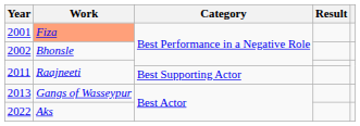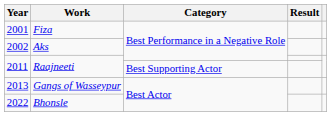 <table class="wikitable sortable"⁣>
 <tr ⁣>
 <th>Year⁣</th>
 <th>Work⁣</th>
 <th>Category⁣</th>
 <th>Result⁣</th>
 <th class="unsortable">⁣</th>
 </tr>
 <tr>
 <td><a href='#'>2001⁣</a></td>
-<td style="background: lightsalmon;"><em><a href='#'>Fiza</a></em>⁣</td>
+<td><em><a href='#'>Fiza</a></em>⁣</td>
 <td rowspan="3"><a href='#'>Best Performance in a Negative Role</a></td>
 <td>⁣</td>
 <td>⁣ </td>
 </tr>
 <tr>
 <td><a href='#'>2002⁣</a></td>
-<td><em><a href='#'>Bhonsle</a></em></td>
+<td><em><a href='#'>Aks</a></em></td>
 <td></td>
 <td></td>
 </tr>
 <tr>
 <td rowspan="2"><a href='#'>2011⁣</a></td>
 <td rowspan="2"><em><a href='#'>Raajneeti</a></em></td>
 <td></td>
 <td rowspan="2"></td>
 </tr>
 <tr>
 <td><a href='#'>Best Supporting Actor</a></td>
 <td></td>
 </tr>
 <tr>
 <td><a href='#'>2013⁣</a></td>
 <td><em><a href='#'>Gangs of Wasseypur</a></em></td>
 <td rowspan="2"><a href='#'>Best Actor</a></td>
 <td></td>
 <td></td>
 </tr>
 <tr>
 <td><a href='#'>2022</a></td>
-<td><em><a href='#'>Aks</a></em></td>
+<td><em><a href='#'>Bhonsle</a></em></td>
 <td></td>
 <td></td>
 </tr>
 </table>
